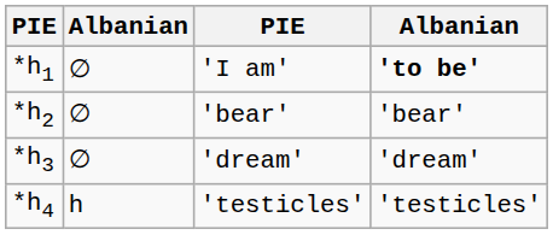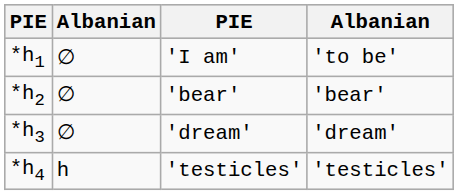 <table class="wikitable">
 <tr>
 <th>PIE</th>
 <th>Albanian</th>
 <th>PIE</th>
 <th>Albanian</th>
 </tr>
 <tr>
 <td>*h<sub>1</sub></td>
 <td>∅</td>
 <td> 'I am'</td>
-<td><strong> 'to be'</strong></td>
+<td> 'to be'</td>
 </tr>
 <tr>
 <td>*h<sub>2</sub></td>
 <td>∅</td>
 <td> 'bear'</td>
 <td> 'bear'</td>
 </tr>
 <tr>
 <td>*h<sub>3</sub></td>
 <td>∅</td>
 <td> 'dream'</td>
 <td> 'dream'</td>
 </tr>
 <tr>
 <td>*h<sub>4</sub></td>
 <td>h</td>
 <td> 'testicles'</td>
 <td> 'testicles'</td>
 </tr>
 </table>
